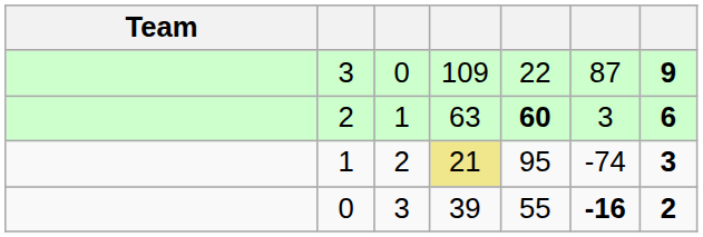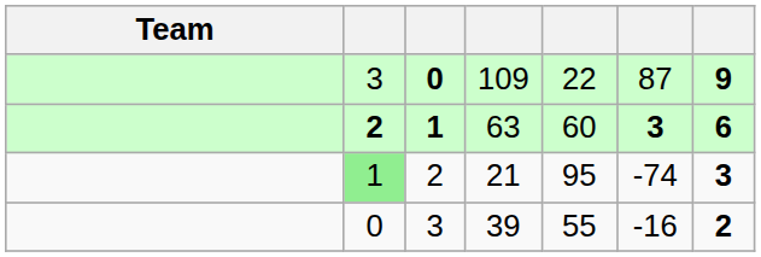 <table class="wikitable" style="text-align:center;">
 <tr>
 <th style="width:10.5em;">Team</th>
 <th style="width:1.5em;"></th>
 <th style="width:1.5em;"></th>
 <th style="width:2.0em;"></th>
 <th style="width:2.0em;"></th>
 <th style="width:2.0em;"></th>
 <th style="width:1.5em;"></th>
 </tr>
 <tr bgcolor=#cfc>
 <td align="left"></td>
 <td>3</td>
-<td>0</td>
+<td><strong>0</strong></td>
 <td>109</td>
 <td>22</td>
 <td>87</td>
 <td><strong>9</strong></td>
 </tr>
 <tr bgcolor=#cfc>
 <td align="left"></td>
-<td>2</td>
-<td>1</td>
+<td><strong>2</strong></td>
+<td><strong>1</strong></td>
 <td>63</td>
-<td><strong>60</strong></td>
-<td>3</td>
+<td>60</td>
+<td><strong>3</strong></td>
 <td><strong>6</strong></td>
 </tr>
 <tr>
 <td align="left"></td>
-<td>1</td>
+<td style="background: lightgreen;">1</td>
 <td>2</td>
-<td style="background: khaki;">21</td>
+<td>21</td>
 <td>95</td>
 <td>-74</td>
 <td><strong>3</strong></td>
 </tr>
 <tr>
 <td align="left"></td>
 <td>0</td>
 <td>3</td>
 <td>39</td>
 <td>55</td>
-<td><strong>-16</strong></td>
+<td>-16</td>
 <td><strong>2</strong></td>
 </tr>
 </table>
